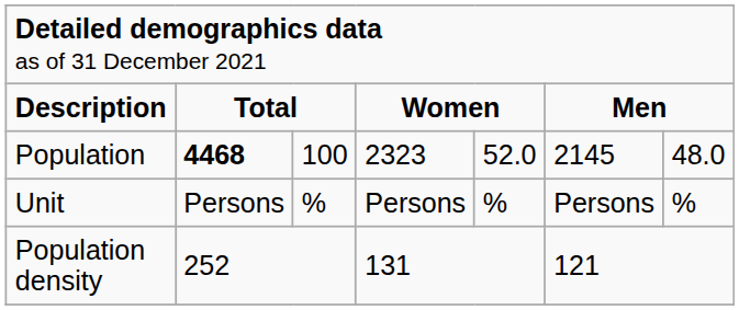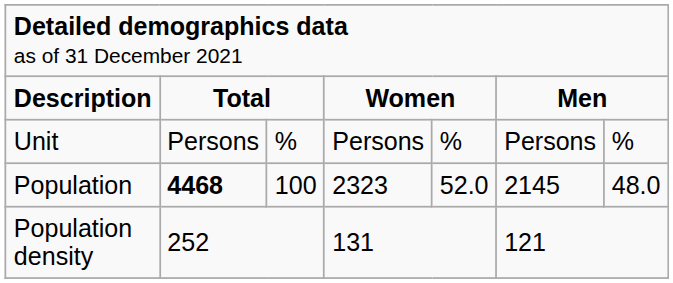 <table border="1" cellpadding="4" cellspacing="0" align="right" width="310px" style="font-size: 90%; background: #f9f9f9; border: 1px #aaaaaa solid; border-collapse: collapse">
 <tr>
 <td colspan = 7><strong>Detailed demographics data</strong><br><small>as of 31 December 2021</small></td>
 </tr>
 <tr>
 <th>Description</th>
 <th colspan=2>Total</th>
 <th colspan=2>Women</th>
 <th colspan=2>Men</th>
 </tr>
 <tr>
+<td>Unit</td>
+<td>Persons</td>
+<td>%</td>
+<td>Persons</td>
+<td>%</td>
+<td>Persons</td>
+<td>%</td>
+</tr>
+<tr>
 <td>Population</td>
 <td><strong>4468</strong></td>
 <td>100</td>
 <td>2323</td>
 <td>52.0</td>
 <td>2145</td>
 <td>48.0</td>
 </tr>
 <tr>
-<td>Unit</td>
-<td>Persons</td>
-<td>%</td>
-<td>Persons</td>
-<td>%</td>
-<td>Persons</td>
-<td>%</td>
-</tr>
-<tr>
 <td>Population density</td>
 <td colspan=2>252</td>
 <td colspan=2>131</td>
 <td colspan=2>121</td>
 </tr>
 </table>
